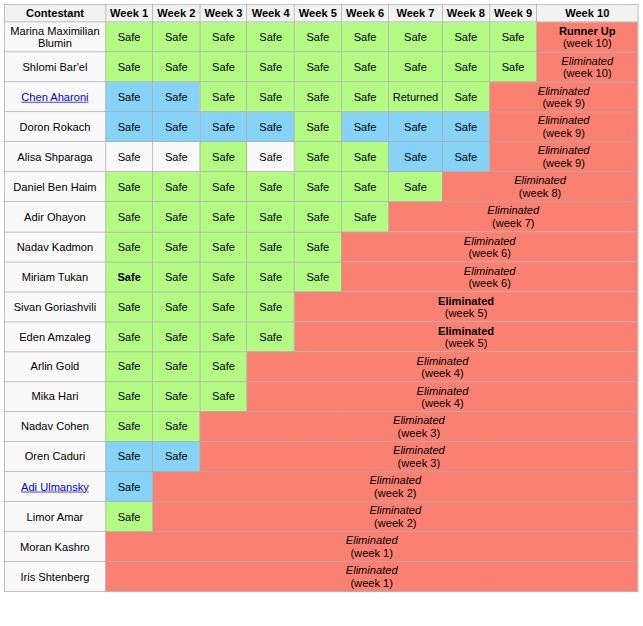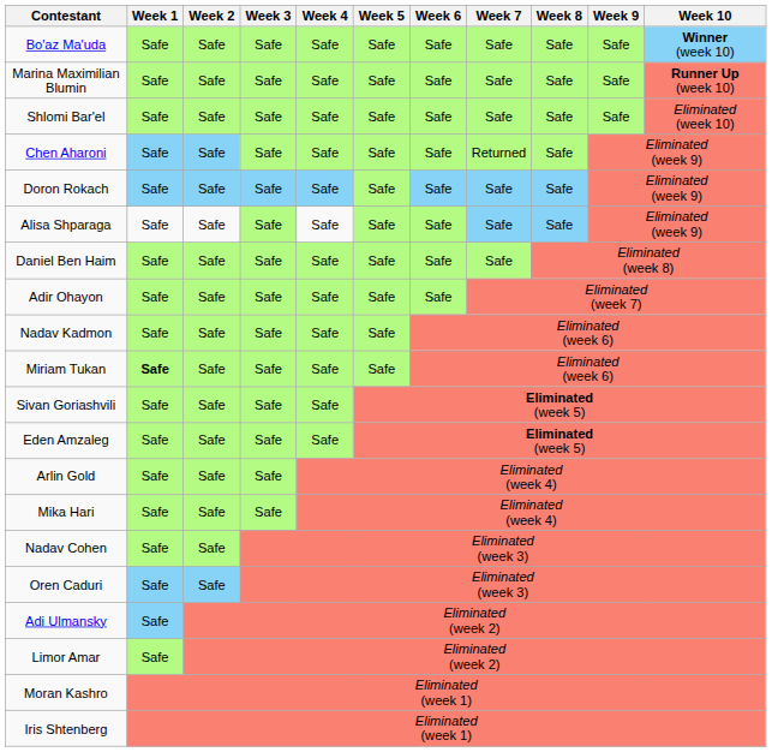 <table class="wikitable" style="text-align:center; font-size:95%">
 <tr>
 <th style="width:15%">Contestant</th>
 <th style="width:7%">Week 1</th>
 <th style="width:7%">Week 2</th>
 <th style="width:7%">Week 3</th>
 <th style="width:7%">Week 4</th>
 <th style="width:7%">Week 5</th>
 <th style="width:7%">Week 6</th>
 <th style="width:7%">Week 7</th>
 <th style="width:7%">Week 8</th>
 <th style="width:7%">Week 9</th>
 <th style="width:15%">Week 10</th>
+</tr>
+<tr>
+<td><a href='#'>Bo'az Ma'uda</a></td>
+<td style="background:#B4FB84">Safe</td>
+<td style="background:#B4FB84">Safe</td>
+<td style="background:#B4FB84">Safe</td>
+<td style="background:#B4FB84">Safe</td>
+<td style="background:#B4FB84">Safe</td>
+<td style="background:#B4FB84">Safe</td>
+<td style="background:#B4FB84">Safe</td>
+<td style="background:#B4FB84">Safe</td>
+<td style="background:#B4FB84">Safe</td>
+<td style="background:#87D3F8" colspan=1><strong>Winner</strong><br>(week 10)</td>
 </tr>
 <tr>
 <td>Marina Maximilian Blumin</td>
 <td style="background:#B4FB84">Safe</td>
 <td style="background:#B4FB84">Safe</td>
 <td style="background:#B4FB84">Safe</td>
 <td style="background:#B4FB84">Safe</td>
 <td style="background:#B4FB84">Safe</td>
 <td style="background:#B4FB84">Safe</td>
 <td style="background:#B4FB84">Safe</td>
 <td style="background:#B4FB84">Safe</td>
 <td style="background:#B4FB84">Safe</td>
 <td style="background:#FA8072" colspan=1><strong>Runner Up</strong><br>(week 10)</td>
 </tr>
 <tr>
 <td>Shlomi Bar'el</td>
 <td style="background:#B4FB84">Safe</td>
 <td style="background:#B4FB84">Safe</td>
 <td style="background:#B4FB84">Safe</td>
 <td style="background:#B4FB84">Safe</td>
 <td style="background:#B4FB84">Safe</td>
 <td style="background:#B4FB84">Safe</td>
 <td style="background:#B4FB84">Safe</td>
 <td style="background:#B4FB84">Safe</td>
 <td style="background:#B4FB84">Safe</td>
 <td style="background:#FA8072" colspan=1><em>Eliminated</em><br>(week 10)</td>
 </tr>
 <tr>
 <td><a href='#'>Chen Aharoni</a></td>
 <td style="background:#87D3F8">Safe</td>
 <td style="background:#87D3F8">Safe</td>
 <td style="background:#B4FB84">Safe</td>
 <td style="background:#B4FB84">Safe</td>
 <td style="background:#B4FB84">Safe</td>
 <td style="background:#B4FB84">Safe</td>
 <td style="background:#B4FB84">Returned</td>
 <td style="background:#B4FB84">Safe</td>
 <td style="background:#FA8072" colspan=2><em>Eliminated</em><br>(week 9)</td>
 </tr>
 <tr>
 <td>Doron Rokach</td>
 <td style="background:#87D3F8">Safe</td>
 <td style="background:#87D3F8">Safe</td>
 <td style="background:#87D3F8">Safe</td>
 <td style="background:#87D3F8">Safe</td>
 <td style="background:#B4FB84">Safe</td>
 <td style="background:#87D3F8">Safe</td>
 <td style="background:#87D3F8">Safe</td>
 <td style="background:#87D3F8">Safe</td>
 <td style="background:#FA8072" colspan=2><em>Eliminated</em><br>(week 9)</td>
 </tr>
 <tr>
 <td>Alisa Shparaga</td>
 <td style="background:">Safe</td>
 <td style="background:">Safe</td>
 <td style="background:#B4FB84">Safe</td>
 <td style="background:">Safe</td>
 <td style="background:#B4FB84">Safe</td>
 <td style="background:#B4FB84">Safe</td>
 <td style="background:#87D3F8">Safe</td>
 <td style="background:#87D3F8">Safe</td>
 <td style="background:#FA8072" colspan=2><em>Eliminated</em><br>(week 9)</td>
 </tr>
 <tr>
 <td>Daniel Ben Haim</td>
 <td style="background:#B4FB84">Safe</td>
 <td style="background:#B4FB84">Safe</td>
 <td style="background:#B4FB84">Safe</td>
 <td style="background:#B4FB84">Safe</td>
 <td style="background:#B4FB84">Safe</td>
 <td style="background:#B4FB84">Safe</td>
 <td style="background:#B4FB84">Safe</td>
 <td style="background:#FA8072" colspan=3><em>Eliminated</em><br>(week 8)</td>
 </tr>
 <tr>
 <td>Adir Ohayon</td>
 <td style="background:#B4FB84">Safe</td>
 <td style="background:#B4FB84">Safe</td>
 <td style="background:#B4FB84">Safe</td>
 <td style="background:#B4FB84">Safe</td>
 <td style="background:#B4FB84">Safe</td>
 <td style="background:#B4FB84">Safe</td>
 <td style="background:#FA8072" colspan=4><em>Eliminated</em><br>(week 7)</td>
 </tr>
 <tr>
 <td>Nadav Kadmon</td>
 <td style="background:#B4FB84">Safe</td>
 <td style="background:#B4FB84">Safe</td>
 <td style="background:#B4FB84">Safe</td>
 <td style="background:#B4FB84">Safe</td>
 <td style="background:#B4FB84">Safe</td>
 <td style="background:#FA8072"  colspan=5><em>Eliminated</em><br>(week 6)</td>
 </tr>
 <tr>
 <td>Miriam Tukan</td>
 <td style="background:#B4FB84"><strong>Safe</strong></td>
 <td style="background:#B4FB84">Safe</td>
 <td style="background:#B4FB84">Safe</td>
 <td style="background:#B4FB84">Safe</td>
 <td style="background:#B4FB84">Safe</td>
 <td style="background:#FA8072" colspan=5><em>Eliminated</em><br>(week 6)</td>
 </tr>
 <tr>
 <td>Sivan Goriashvili</td>
 <td style="background:#B4FB84">Safe</td>
 <td style="background:#B4FB84">Safe</td>
 <td style="background:#B4FB84">Safe</td>
 <td style="background:#B4FB84">Safe</td>
 <td style="background:#FA8072" colspan=6><strong>Eliminated</strong><br>(week 5)</td>
 </tr>
 <tr>
 <td>Eden Amzaleg</td>
 <td style="background:#B4FB84">Safe</td>
 <td style="background:#B4FB84">Safe</td>
 <td style="background:#B4FB84">Safe</td>
 <td style="background:#B4FB84">Safe</td>
 <td style="background:#FA8072" colspan=6><strong>Eliminated</strong><br>(week 5)</td>
 </tr>
 <tr>
 <td>Arlin Gold</td>
 <td style="background:#B4FB84">Safe</td>
 <td style="background:#B4FB84">Safe</td>
 <td style="background:#B4FB84">Safe</td>
 <td style="background:#FA8072"  colspan=7><em>Eliminated</em><br>(week 4)</td>
 </tr>
 <tr>
 <td>Mika Hari</td>
 <td style="background:#B4FB84">Safe</td>
 <td style="background:#B4FB84">Safe</td>
 <td style="background:#B4FB84">Safe</td>
 <td style="background:#FA8072" colspan=7><em>Eliminated</em><br>(week 4)</td>
 </tr>
 <tr>
 <td>Nadav Cohen</td>
 <td style="background:#B4FB84">Safe</td>
 <td style="background:#B4FB84">Safe</td>
 <td style="background:#FA8072" colspan=8><em>Eliminated</em><br>(week 3)</td>
 </tr>
 <tr>
 <td>Oren Caduri</td>
 <td style="background:#87D3F8">Safe</td>
 <td style="background:#87D3F8">Safe</td>
 <td style="background:#FA8072" colspan=8><em>Eliminated</em><br>(week 3)</td>
 </tr>
 <tr>
 <td><a href='#'>Adi Ulmansky</a></td>
 <td style="background:#87D3F8">Safe</td>
 <td style="background:#FA8072" colspan=9><em>Eliminated</em><br>(week 2)</td>
 </tr>
 <tr>
 <td>Limor Amar</td>
 <td style="background:#B4FB84">Safe</td>
 <td style="background:#FA8072" colspan=9><em>Eliminated</em><br>(week 2)</td>
 </tr>
 <tr>
 <td>Moran Kashro</td>
 <td style="background:#FA8072"  colspan=10><em>Eliminated</em><br>(week 1)</td>
 </tr>
 <tr>
 <td>Iris Shtenberg</td>
 <td style="background:#FA8072"  colspan=10><em>Eliminated</em><br>(week 1)</td>
 </tr>
 </table>
